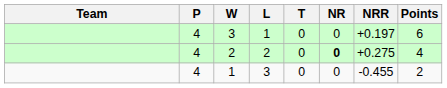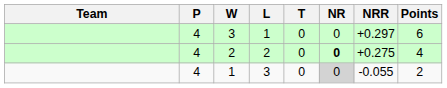 <table class="wikitable" style="text-align: center;">
 <tr>
 <th style="width:40%;">Team</th>
 <th style="width:8%;">P</th>
 <th style="width:8%;">W</th>
 <th style="width:8%;">L</th>
 <th style="width:8%;">T</th>
 <th style="width:8%;">NR</th>
 <th style="width:10%;">NRR</th>
 <th style="width:10%;">Points</th>
 </tr>
 <tr style="background:#cfc;">
 <td align=left></td>
 <td>4</td>
 <td>3</td>
 <td>1</td>
 <td>0</td>
 <td>0</td>
-<td>+0.197</td>
+<td>+0.297</td>
 <td>6</td>
 </tr>
 <tr style="background:#cfc;">
 <td align=left></td>
 <td>4</td>
 <td>2</td>
 <td>2</td>
 <td>0</td>
 <td><strong>0</strong></td>
 <td>+0.275</td>
 <td>4</td>
 </tr>
 <tr>
 <td align=left></td>
 <td>4</td>
 <td>1</td>
 <td>3</td>
 <td>0</td>
-<td>0</td>
-<td>-0.455</td>
+<td style="background: lightgrey;">0</td>
+<td>-0.055</td>
 <td>2</td>
 </tr>
 </table>
